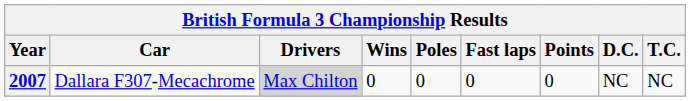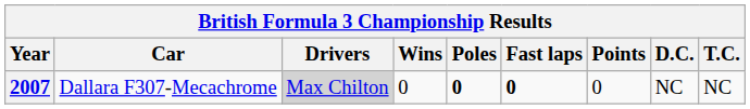 <table class="wikitable" style="font-size:95%">
 <tr>
 <th colspan=9><a href='#'>British Formula 3 Championship</a> Results</th>
 </tr>
 <tr>
 <th>Year</th>
 <th>Car</th>
 <th>Drivers</th>
 <th>Wins</th>
 <th>Poles</th>
 <th>Fast laps</th>
 <th>Points</th>
 <th>D.C.</th>
 <th>T.C.</th>
 </tr>
 <tr>
 <th><strong><a href='#'>2007</a></strong></th>
 <td><a href='#'>Dallara F307</a>-<a href='#'>Mecachrome</a></td>
 <td style="background: lightgrey;"> <a href='#'>Max Chilton</a></td>
 <td>0</td>
-<td>0</td>
-<td>0</td>
+<td><strong>0</strong></td>
+<td><strong>0</strong></td>
 <td>0</td>
 <td>NC</td>
 <td>NC</td>
 </tr>
 </table>
